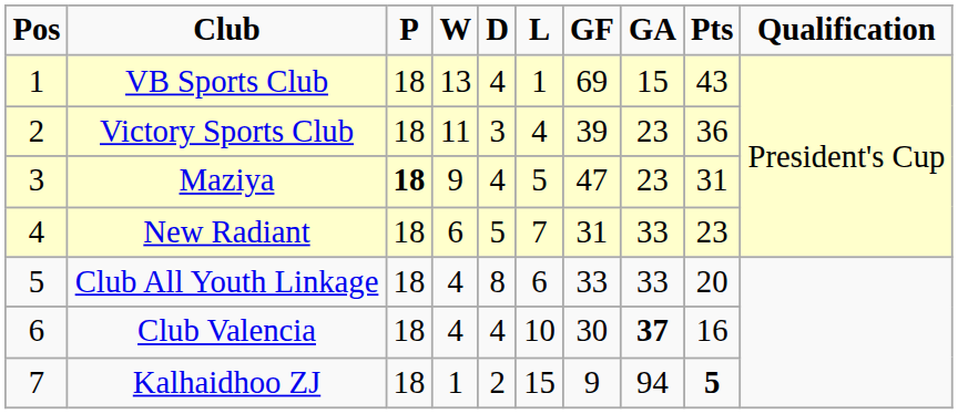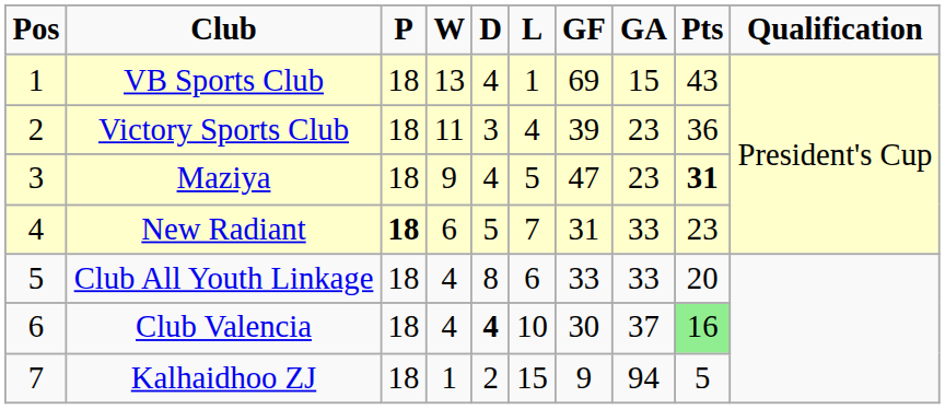 <table class="wikitable" style="text-align: center;">
 <tr>
 <td><strong>Pos</strong></td>
 <td><strong>Club</strong></td>
 <td><strong>P</strong></td>
 <td><strong>W</strong></td>
 <td><strong>D</strong></td>
 <td><strong>L</strong></td>
 <td><strong>GF</strong></td>
 <td><strong>GA</strong></td>
 <td><strong>Pts</strong></td>
 <td><strong>Qualification</strong></td>
 </tr>
 <tr style="background:#ffffcc">
 <td>1</td>
 <td><a href='#'>VB Sports Club</a></td>
 <td>18</td>
 <td>13</td>
 <td>4</td>
 <td>1</td>
 <td>69</td>
 <td>15</td>
 <td>43</td>
 <td rowspan=4>President's Cup</td>
 </tr>
 <tr style="background:#ffffcc">
 <td>2</td>
 <td><a href='#'>Victory Sports Club</a></td>
 <td>18</td>
 <td>11</td>
 <td>3</td>
 <td>4</td>
 <td>39</td>
 <td>23</td>
 <td>36</td>
 </tr>
 <tr style="background:#ffffcc">
 <td>3</td>
 <td><a href='#'>Maziya</a></td>
-<td><strong>18</strong></td>
+<td>18</td>
 <td>9</td>
 <td>4</td>
 <td>5</td>
 <td>47</td>
 <td>23</td>
-<td>31</td>
+<td><strong>31</strong></td>
 </tr>
 <tr style="background:#ffffcc">
 <td>4</td>
 <td><a href='#'>New Radiant</a></td>
-<td>18</td>
+<td><strong>18</strong></td>
 <td>6</td>
 <td>5</td>
 <td>7</td>
 <td>31</td>
 <td>33</td>
 <td>23</td>
 </tr>
 <tr>
 <td>5</td>
 <td><a href='#'>Club All Youth Linkage</a></td>
 <td>18</td>
 <td>4</td>
 <td>8</td>
 <td>6</td>
 <td>33</td>
 <td>33</td>
 <td>20</td>
 </tr>
 <tr>
 <td>6</td>
 <td><a href='#'>Club Valencia</a></td>
 <td>18</td>
 <td>4</td>
-<td>4</td>
+<td><strong>4</strong></td>
 <td>10</td>
 <td>30</td>
-<td><strong>37</strong></td>
-<td>16</td>
+<td>37</td>
+<td style="background: lightgreen;">16</td>
 </tr>
 <tr>
 <td>7</td>
 <td><a href='#'>Kalhaidhoo ZJ</a></td>
 <td>18</td>
 <td>1</td>
 <td>2</td>
 <td>15</td>
 <td>9</td>
 <td>94</td>
-<td><strong>5</strong></td>
+<td>5</td>
 </tr>
 </table>
